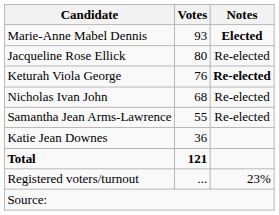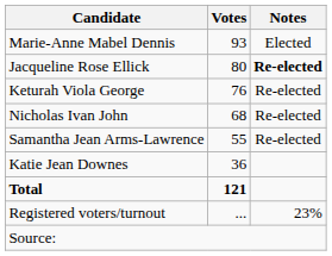 <table class=wikitable style=text-align:right>
 <tr>
 <th>Candidate</th>
 <th>Votes</th>
 <th>Notes</th>
 </tr>
 <tr>
 <td align=left>Marie-Anne Mabel Dennis</td>
 <td>93</td>
-<td align=center><strong>Elected</strong></td>
+<td align=center>Elected</td>
 </tr>
 <tr>
 <td align=left>Jacqueline Rose Ellick</td>
 <td>80</td>
-<td align=center>Re-elected</td>
+<td align=center><strong>Re-elected</strong></td>
 </tr>
 <tr>
 <td align=left>Keturah Viola George</td>
 <td>76</td>
-<td align=center><strong>Re-elected</strong></td>
+<td align=center>Re-elected</td>
 </tr>
 <tr>
 <td align=left>Nicholas Ivan John</td>
 <td>68</td>
 <td align=center>Re-elected</td>
 </tr>
 <tr>
 <td align=left>Samantha Jean Arms-Lawrence</td>
 <td>55</td>
 <td align=center>Re-elected</td>
 </tr>
 <tr>
 <td align=left>Katie Jean Downes</td>
 <td>36</td>
 <td align=center></td>
 </tr>
 <tr>
 <td align=left><strong>Total</strong></td>
 <td><strong>121</strong></td>
 <td></td>
 </tr>
 <tr>
 <td align=left>Registered voters/turnout</td>
 <td>...</td>
 <td>23%</td>
 </tr>
 <tr>
 <td style="text-align:left;" colspan="3">Source: </td>
 </tr>
 </table>
